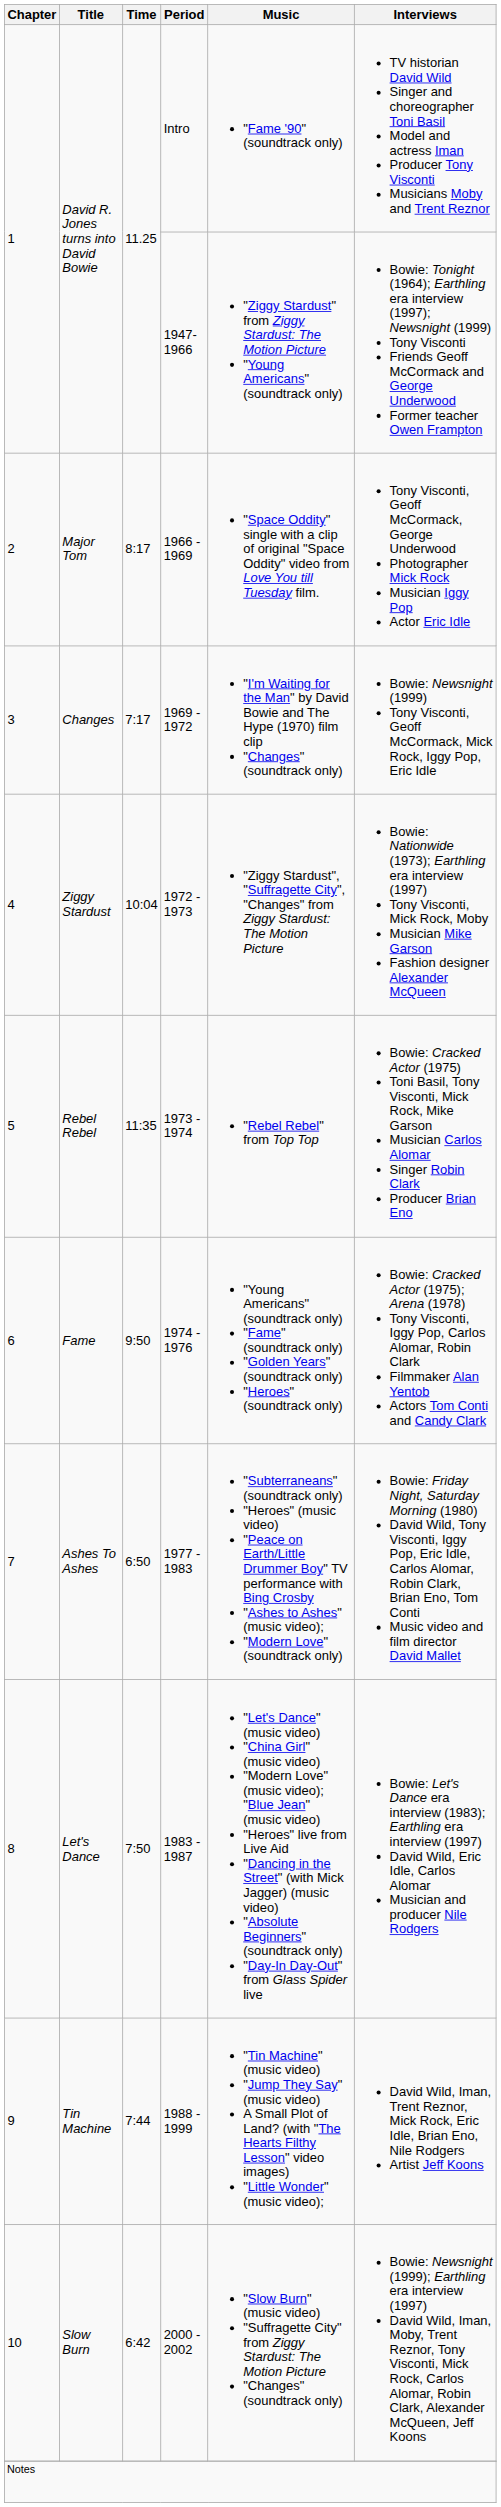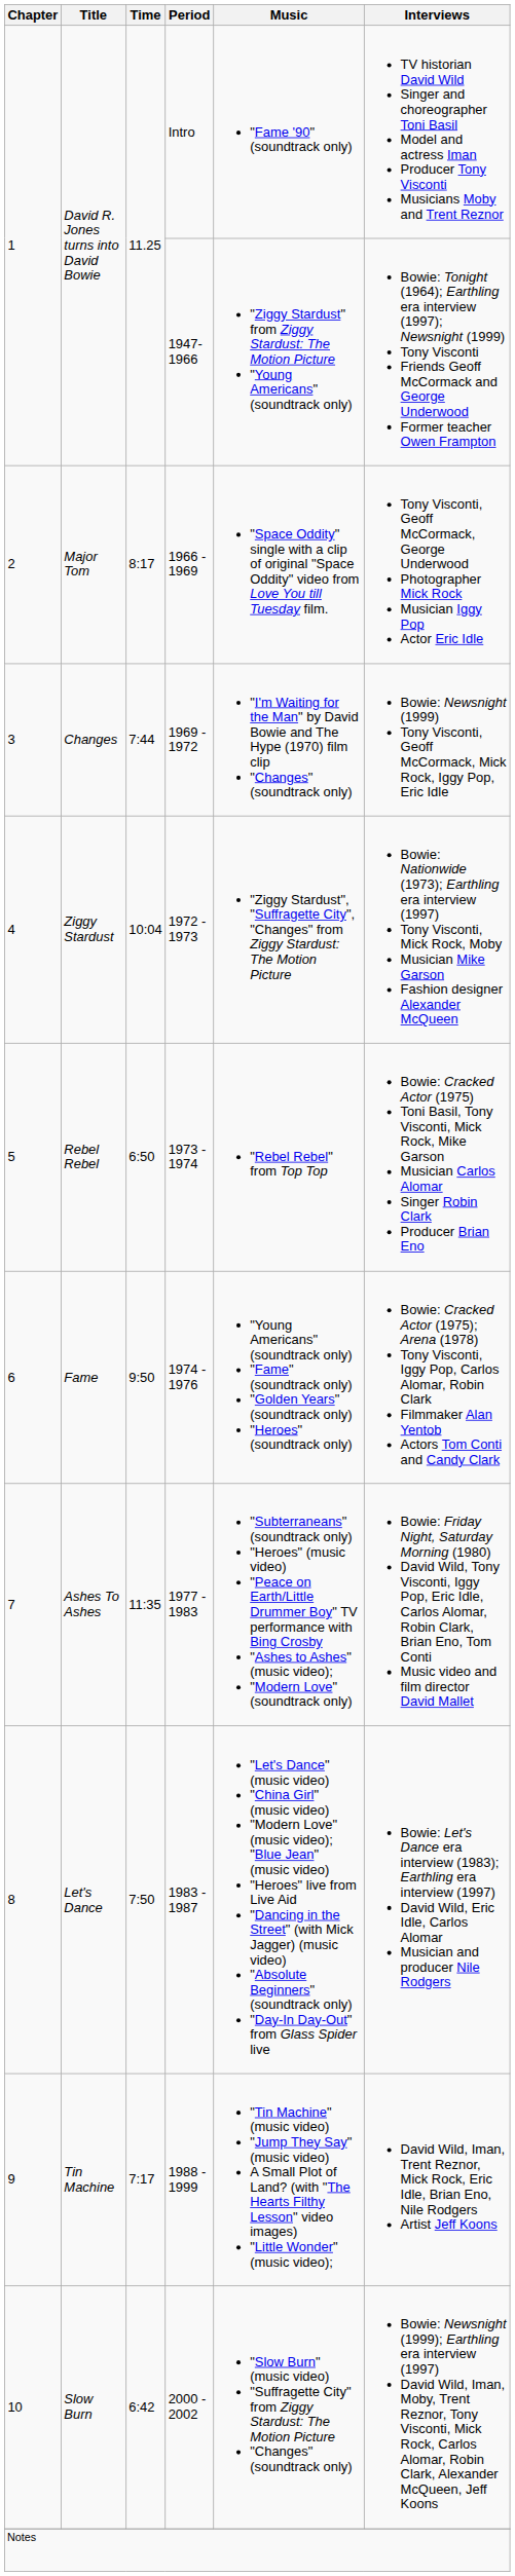 <table class="wikitable">
 <tr>
 <th>Chapter</th>
 <th>Title</th>
 <th>Time</th>
 <th>Period</th>
 <th>Music</th>
 <th>Interviews</th>
 </tr>
 <tr>
 <td rowspan="2">1</td>
 <td rowspan="2"><em>David R. Jones turns into David Bowie</em></td>
 <td rowspan="2">11.25</td>
 <td>Intro</td>
 <td><br><ul><li>"<a href='#'>Fame '90</a>" (soundtrack only)</li></ul></td>
 <td><br><ul><li>TV historian <a href='#'>David Wild</a></li><li>Singer and choreographer <a href='#'>Toni Basil</a></li><li>Model and actress <a href='#'>Iman</a></li><li>Producer <a href='#'>Tony Visconti</a></li><li>Musicians <a href='#'>Moby</a> and <a href='#'>Trent Reznor</a></li></ul></td>
 </tr>
 <tr>
 <td>1947-1966</td>
 <td><br><ul><li>"<a href='#'>Ziggy Stardust</a>" from <em><a href='#'>Ziggy Stardust: The Motion Picture</a></em></li><li>"<a href='#'>Young Americans</a>" (soundtrack only)</li></ul></td>
 <td><br><ul><li>Bowie: <em>Tonight</em> (1964); <em>Earthling</em> era interview (1997); <em>Newsnight</em> (1999)</li><li>Tony Visconti</li><li>Friends Geoff McCormack and <a href='#'>George Underwood</a></li><li>Former teacher <a href='#'>Owen Frampton</a></li></ul></td>
 </tr>
 <tr>
 <td>2</td>
 <td><em>Major Tom</em></td>
 <td>8:17</td>
 <td>1966 - 1969</td>
 <td><br><ul><li>"<a href='#'>Space Oddity</a>" single with a clip of original "Space Oddity" video from <em><a href='#'>Love You till Tuesday</a></em> film.</li></ul></td>
 <td><br><ul><li>Tony Visconti, Geoff McCormack, George Underwood</li><li>Photographer <a href='#'>Mick Rock</a></li><li>Musician <a href='#'>Iggy Pop</a></li><li>Actor <a href='#'>Eric Idle</a></li></ul></td>
 </tr>
 <tr>
 <td>3</td>
 <td><em>Changes</em></td>
-<td>7:17</td>
+<td>7:44</td>
 <td>1969 - 1972</td>
 <td><br><ul><li>"<a href='#'>I'm Waiting for the Man</a>" by David Bowie and The Hype (1970) film clip</li><li>"<a href='#'>Changes</a>" (soundtrack only)</li></ul></td>
 <td><br><ul><li>Bowie: <em>Newsnight</em> (1999)</li><li>Tony Visconti, Geoff McCormack, Mick Rock, Iggy Pop, Eric Idle</li></ul></td>
 </tr>
 <tr>
 <td>4</td>
 <td><em>Ziggy Stardust</em></td>
 <td>10:04</td>
 <td>1972 - 1973</td>
 <td><br><ul><li>"Ziggy Stardust", "<a href='#'>Suffragette City</a>", "Changes" from <em>Ziggy Stardust: The Motion Picture</em></li></ul></td>
 <td><br><ul><li>Bowie: <em>Nationwide</em> (1973); <em>Earthling</em> era interview (1997)</li><li>Tony Visconti, Mick Rock, Moby</li><li>Musician <a href='#'>Mike Garson</a></li><li>Fashion designer <a href='#'>Alexander McQueen</a></li></ul></td>
 </tr>
 <tr>
 <td>5</td>
 <td><em>Rebel Rebel</em></td>
-<td>11:35</td>
+<td>6:50</td>
 <td>1973 - 1974</td>
 <td><br><ul><li>"<a href='#'>Rebel Rebel</a>" from <em>Top Top</em></li></ul></td>
 <td><br><ul><li>Bowie: <em>Cracked Actor</em> (1975)</li><li>Toni Basil, Tony Visconti, Mick Rock, Mike Garson</li><li>Musician <a href='#'>Carlos Alomar</a></li><li>Singer <a href='#'>Robin Clark</a></li><li>Producer <a href='#'>Brian Eno</a></li></ul></td>
 </tr>
 <tr>
 <td>6</td>
 <td><em>Fame</em></td>
 <td>9:50</td>
 <td>1974 - 1976</td>
 <td><br><ul><li>"Young Americans" (soundtrack only)</li><li>"<a href='#'>Fame</a>" (soundtrack only)</li><li>"<a href='#'>Golden Years</a>" (soundtrack only)</li><li>"<a href='#'>Heroes</a>" (soundtrack only)</li></ul></td>
 <td><br><ul><li>Bowie: <em>Cracked Actor</em> (1975); <em>Arena</em> (1978)</li><li>Tony Visconti, Iggy Pop, Carlos Alomar, Robin Clark</li><li>Filmmaker <a href='#'>Alan Yentob</a></li><li>Actors <a href='#'>Tom Conti</a> and <a href='#'>Candy Clark</a></li></ul></td>
 </tr>
 <tr>
 <td>7</td>
 <td><em>Ashes To Ashes</em></td>
-<td>6:50</td>
+<td>11:35</td>
 <td>1977 - 1983</td>
 <td><br><ul><li>"<a href='#'>Subterraneans</a>" (soundtrack only)</li><li>"Heroes" (music video)</li><li>"<a href='#'>Peace on Earth/Little Drummer Boy</a>" TV performance with <a href='#'>Bing Crosby</a></li><li>"<a href='#'>Ashes to Ashes</a>" (music video);</li><li>"<a href='#'>Modern Love</a>" (soundtrack only)</li></ul></td>
 <td><br><ul><li>Bowie: <em>Friday Night, Saturday Morning</em> (1980)</li><li>David Wild, Tony Visconti, Iggy Pop, Eric Idle, Carlos Alomar, Robin Clark, Brian Eno, Tom Conti</li><li>Music video and film director <a href='#'>David Mallet</a></li></ul></td>
 </tr>
 <tr>
 <td>8</td>
 <td><em>Let's Dance</em></td>
 <td>7:50</td>
 <td>1983 - 1987</td>
 <td><br><ul><li>"<a href='#'>Let's Dance</a>" (music video)</li><li>"<a href='#'>China Girl</a>" (music video)</li><li>"Modern Love" (music video); "<a href='#'>Blue Jean</a>" (music video)</li><li>"Heroes" live from Live Aid</li><li>"<a href='#'>Dancing in the Street</a>" (with Mick Jagger) (music video)</li><li>"<a href='#'>Absolute Beginners</a>" (soundtrack only)</li><li>"<a href='#'>Day-In Day-Out</a>" from <em>Glass Spider</em> live</li></ul></td>
 <td><br><ul><li>Bowie: <em>Let's Dance</em> era interview (1983); <em>Earthling</em> era interview (1997)</li><li>David Wild, Eric Idle, Carlos Alomar</li><li>Musician and producer <a href='#'>Nile Rodgers</a></li></ul></td>
 </tr>
 <tr>
 <td>9</td>
 <td><em>Tin Machine</em></td>
-<td>7:44</td>
+<td>7:17</td>
 <td>1988 - 1999</td>
 <td><br><ul><li>"<a href='#'>Tin Machine</a>"(music video)</li><li>"<a href='#'>Jump They Say</a>" (music video)</li><li>A Small Plot of Land? (with "<a href='#'>The Hearts Filthy Lesson</a>" video images)</li><li>"<a href='#'>Little Wonder</a>" (music video);</li></ul></td>
 <td><br><ul><li>David Wild, Iman, Trent Reznor, Mick Rock, Eric Idle, Brian Eno, Nile Rodgers</li><li>Artist <a href='#'>Jeff Koons</a></li></ul></td>
 </tr>
 <tr>
 <td>10</td>
 <td><em>Slow Burn</em></td>
 <td>6:42</td>
 <td>2000 - 2002</td>
 <td><br><ul><li>"<a href='#'>Slow Burn</a>" (music video)</li><li>"Suffragette City" from <em>Ziggy Stardust: The Motion Picture</em></li><li>"Changes" (soundtrack only)</li></ul></td>
 <td><br><ul><li>Bowie: <em>Newsnight</em> (1999); <em>Earthling</em> era interview (1997)</li><li>David Wild, Iman, Moby, Trent Reznor, Tony Visconti, Mick Rock, Carlos Alomar, Robin Clark, Alexander McQueen, Jeff Koons</li></ul></td>
 </tr>
 <tr>
 </tr>
 <tr>
 <td colspan="6" style="text-align:left; font-size:10pt;">Notes<br><br><br></td>
 </tr>
 </table>
